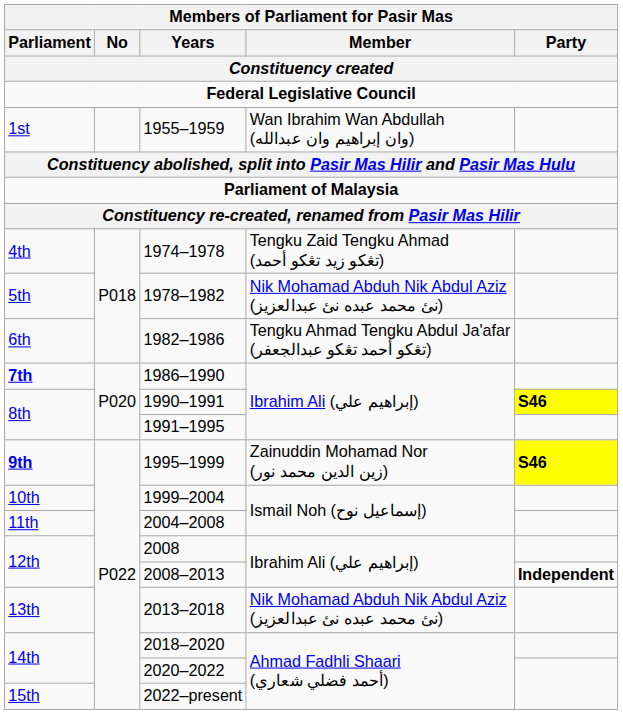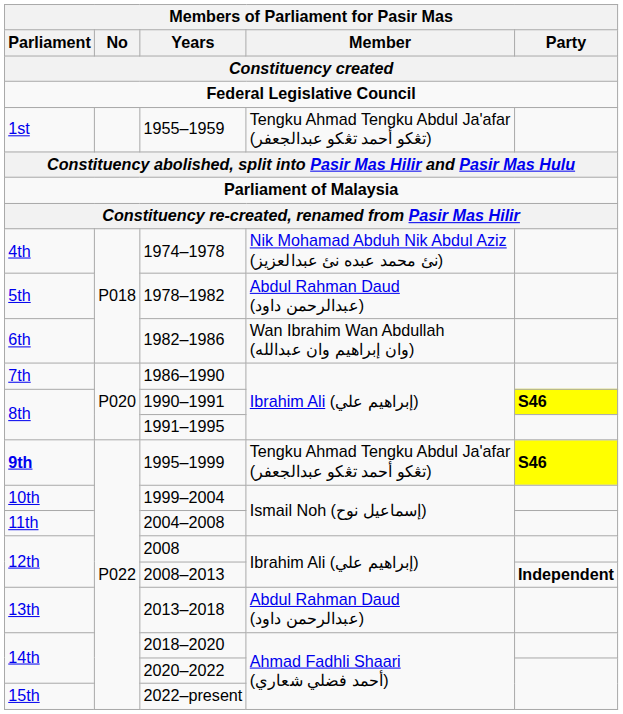 <table class=wikitable>
 <tr>
 <th colspan="5">Members of Parliament for Pasir Mas</th>
 </tr>
 <tr>
 <th>Parliament</th>
 <th>No</th>
 <th>Years</th>
 <th>Member</th>
 <th>Party</th>
 </tr>
 <tr>
 <th colspan="5"><em>Constituency created</em></th>
 </tr>
 <tr>
 <td colspan="5" align="center"><strong>Federal Legislative Council</strong></td>
 </tr>
 <tr>
 <td><a href='#'>1st</a></td>
 <td></td>
 <td>1955–1959</td>
-<td>Wan Ibrahim Wan Abdullah  <br> (وان إبراهيم وان عبدالله)</td>
+<td>Tengku Ahmad Tengku Abdul Ja'afar  <br> (تڠكو أحمد تڠكو عبدالجعفر)</td>
 <td></td>
 </tr>
 <tr>
 <th colspan="5"><em>Constituency abolished, split into <a href='#'>Pasir Mas Hilir</a> and <a href='#'>Pasir Mas Hulu</a></em></th>
 </tr>
 <tr>
 <td colspan="5" align="center"><strong>Parliament of Malaysia</strong></td>
 </tr>
 <tr>
 <th colspan="5" align="center"><em>Constituency re-created, renamed from <a href='#'>Pasir Mas Hilir</a></em></th>
 </tr>
 <tr>
 <td><a href='#'>4th</a></td>
 <td rowspan="3">P018</td>
 <td>1974–1978</td>
-<td>Tengku Zaid Tengku Ahmad <br>  (تڠكو زيد تڠكو أحمد)</td>
+<td><a href='#'>Nik Mohamad Abduh Nik Abdul Aziz</a>  <br> (نئ محمد عبده نئ عبدالعزيز)</td>
 <td></td>
 </tr>
 <tr>
 <td><a href='#'>5th</a></td>
 <td>1978–1982</td>
-<td><a href='#'>Nik Mohamad Abduh Nik Abdul Aziz</a>  <br> (نئ محمد عبده نئ عبدالعزيز)</td>
+<td><a href='#'>Abdul Rahman Daud</a> <br>  (عبدالرحمن داود)</td>
 <td></td>
 </tr>
 <tr>
 <td><a href='#'>6th</a></td>
 <td>1982–1986</td>
-<td>Tengku Ahmad Tengku Abdul Ja'afar  <br> (تڠكو أحمد تڠكو عبدالجعفر)</td>
+<td>Wan Ibrahim Wan Abdullah  <br> (وان إبراهيم وان عبدالله)</td>
 <td></td>
 </tr>
 <tr>
-<td><strong><a href='#'>7th</a></strong></td>
+<td><a href='#'>7th</a></td>
 <td rowspan="3">P020</td>
 <td>1986–1990</td>
 <td rowspan=3><a href='#'>Ibrahim Ali</a>   (إبراهيم علي)</td>
 <td></td>
 </tr>
 <tr>
 <td rowspan=2><a href='#'>8th</a></td>
 <td>1990–1991</td>
 <td bgcolor="yellow"><strong>S46</strong></td>
 </tr>
 <tr>
 <td>1991–1995</td>
 <td></td>
 </tr>
 <tr>
 <td><strong><a href='#'>9th</a></strong></td>
 <td rowspan="9">P022</td>
 <td>1995–1999</td>
-<td>Zainuddin Mohamad Nor  <br> (زين الدين محمد نور)</td>
+<td>Tengku Ahmad Tengku Abdul Ja'afar  <br> (تڠكو أحمد تڠكو عبدالجعفر)</td>
 <td bgcolor="yellow"><strong>S46</strong></td>
 </tr>
 <tr>
 <td><a href='#'>10th</a></td>
 <td>1999–2004</td>
 <td rowspan=2>Ismail Noh (إسماعيل نوح)</td>
 <td></td>
 </tr>
 <tr>
 <td><a href='#'>11th</a></td>
 <td>2004–2008</td>
 <td></td>
 </tr>
 <tr>
 <td rowspan=2><a href='#'>12th</a></td>
 <td>2008</td>
 <td rowspan=2>Ibrahim Ali   (إبراهيم علي)</td>
 <td></td>
 </tr>
 <tr>
 <td>2008–2013</td>
 <td><strong>Independent</strong></td>
 </tr>
 <tr>
 <td><a href='#'>13th</a></td>
 <td>2013–2018</td>
-<td><a href='#'>Nik Mohamad Abduh Nik Abdul Aziz</a>  <br> (نئ محمد عبده نئ عبدالعزيز)</td>
+<td><a href='#'>Abdul Rahman Daud</a> <br>  (عبدالرحمن داود)</td>
 <td></td>
 </tr>
 <tr>
 <td rowspan="2"><a href='#'>14th</a></td>
 <td>2018–2020</td>
 <td rowspan="3"><a href='#'>Ahmad Fadhli Shaari</a>  <br> (أحمد فضلي شعاري)</td>
 <td></td>
 </tr>
 <tr>
 <td>2020–2022</td>
 <td rowspan="2"></td>
 </tr>
 <tr>
 <td><a href='#'>15th</a></td>
 <td>2022–present</td>
 </tr>
 </table>
